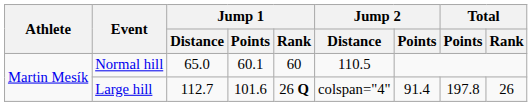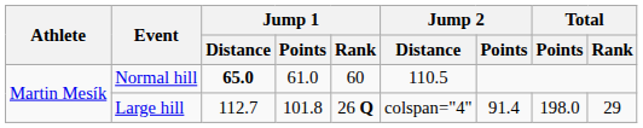 <table class="wikitable" style="font-size:90%">
 <tr>
 <th rowspan="2">Athlete</th>
 <th rowspan="2">Event</th>
 <th colspan="3">Jump 1</th>
 <th colspan="2">Jump 2</th>
 <th colspan="2">Total</th>
 </tr>
 <tr>
 <th>Distance</th>
 <th>Points</th>
 <th>Rank</th>
 <th>Distance</th>
 <th>Points</th>
 <th>Points</th>
 <th>Rank</th>
 </tr>
 <tr>
 <td rowspan="2"><a href='#'>Martin Mesík</a></td>
 <td><a href='#'>Normal hill</a></td>
-<td align="center">65.0</td>
-<td align="center">60.1</td>
+<td align="center"><strong>65.0</strong></td>
+<td align="center">61.0</td>
 <td align="center">60</td>
 <td align="center">110.5</td>
 </tr>
 <tr>
 <td><a href='#'>Large hill</a></td>
 <td align="center">112.7</td>
-<td align="center">101.6</td>
+<td align="center">101.8</td>
 <td align="center">26 <strong>Q</strong></td>
 <td>colspan="4" </td>
 <td align="center">91.4</td>
-<td align="center">197.8</td>
-<td align="center">26</td>
+<td align="center">198.0</td>
+<td align="center">29</td>
 </tr>
 </table>
